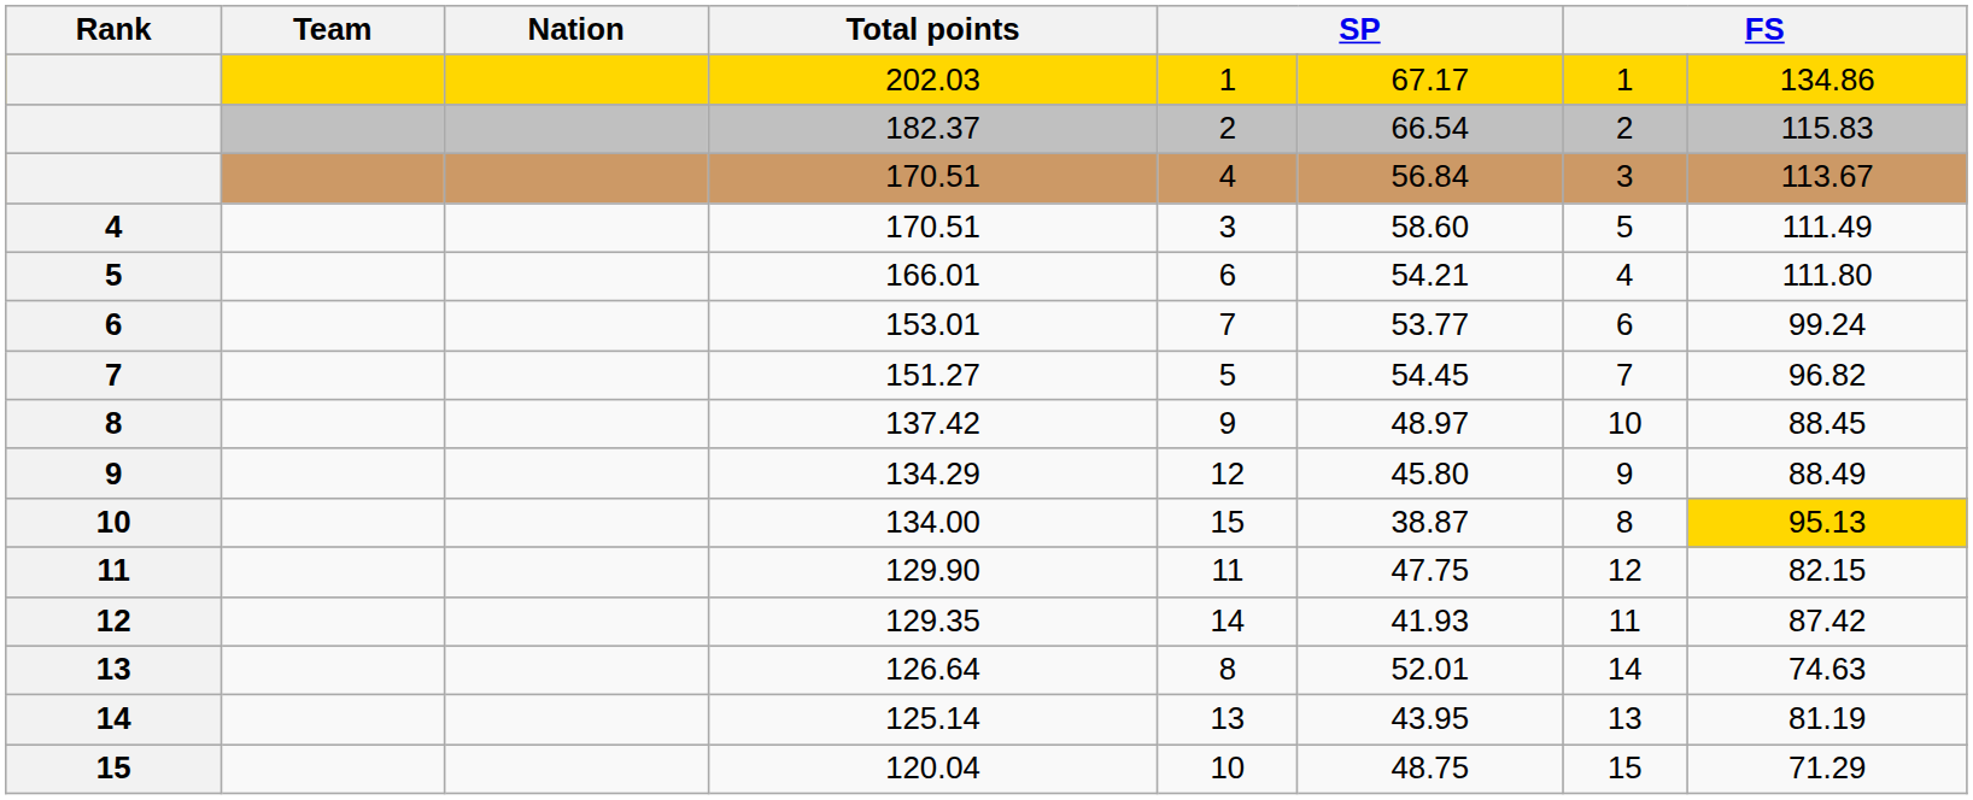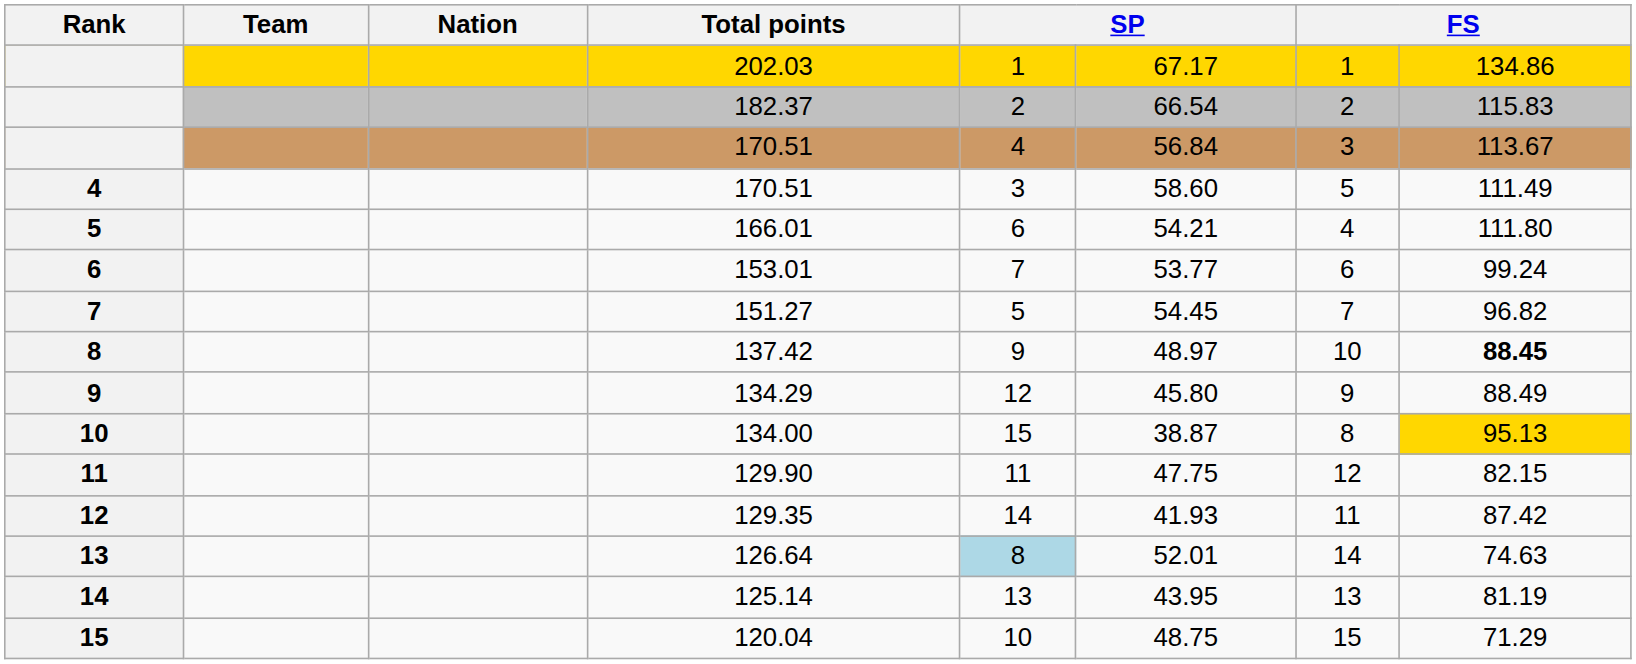 <table class="wikitable sortable" style="text-align:center;" width="80%">
 <tr>
 <th scope="col">Rank</th>
 <th scope="col">Team</th>
 <th scope="col">Nation</th>
 <th scope="col">Total points</th>
 <th scope="col" colspan="2" width="80px"><a href='#'>SP</a></th>
 <th scope="col" colspan="2" width="80px"><a href='#'>FS</a></th>
 </tr>
 <tr bgcolor="gold">
 <th scope="row"></th>
 <td align="left"></td>
 <td align="left"></td>
 <td>202.03</td>
 <td>1</td>
 <td>67.17</td>
 <td>1</td>
 <td>134.86</td>
 </tr>
 <tr bgcolor="silver">
 <th scope="row"></th>
 <td align="left"></td>
 <td align="left"></td>
 <td>182.37</td>
 <td>2</td>
 <td>66.54</td>
 <td>2</td>
 <td>115.83</td>
 </tr>
 <tr bgcolor="cc9966">
 <th scope="row"></th>
 <td align="left"></td>
 <td align="left"></td>
 <td>170.51</td>
 <td>4</td>
 <td>56.84</td>
 <td>3</td>
 <td>113.67</td>
 </tr>
 <tr>
 <th scope="row">4</th>
 <td align="left"></td>
 <td align="left"></td>
 <td>170.51</td>
 <td>3</td>
 <td>58.60</td>
 <td>5</td>
 <td>111.49</td>
 </tr>
 <tr>
 <th scope="row">5</th>
 <td align="left"></td>
 <td align="left"></td>
 <td>166.01</td>
 <td>6</td>
 <td>54.21</td>
 <td>4</td>
 <td>111.80</td>
 </tr>
 <tr>
 <th scope="row">6</th>
 <td align="left"></td>
 <td align="left"></td>
 <td>153.01</td>
 <td>7</td>
 <td>53.77</td>
 <td>6</td>
 <td>99.24</td>
 </tr>
 <tr>
 <th scope="row">7</th>
 <td align="left"></td>
 <td align="left"></td>
 <td>151.27</td>
 <td>5</td>
 <td>54.45</td>
 <td>7</td>
 <td>96.82</td>
 </tr>
 <tr>
 <th scope="row">8</th>
 <td align="left"></td>
 <td align="left"></td>
 <td>137.42</td>
 <td>9</td>
 <td>48.97</td>
 <td>10</td>
-<td>88.45</td>
+<td><strong>88.45</strong></td>
 </tr>
 <tr>
 <th scope="row">9</th>
 <td align="left"></td>
 <td align="left"></td>
 <td>134.29</td>
 <td>12</td>
 <td>45.80</td>
 <td>9</td>
 <td>88.49</td>
 </tr>
 <tr>
 <th scope="row">10</th>
 <td align="left"></td>
 <td align="left"></td>
 <td>134.00</td>
 <td>15</td>
 <td>38.87</td>
 <td>8</td>
 <td style="background: gold;">95.13</td>
 </tr>
 <tr>
 <th scope="row">11</th>
 <td align="left"></td>
 <td align="left"></td>
 <td>129.90</td>
 <td>11</td>
 <td>47.75</td>
 <td>12</td>
 <td>82.15</td>
 </tr>
 <tr>
 <th scope="row">12</th>
 <td align="left"></td>
 <td align="left"></td>
 <td>129.35</td>
 <td>14</td>
 <td>41.93</td>
 <td>11</td>
 <td>87.42</td>
 </tr>
 <tr>
 <th scope="row">13</th>
 <td align="left"></td>
 <td align="left"></td>
 <td>126.64</td>
-<td>8</td>
+<td style="background: lightblue;">8</td>
 <td>52.01</td>
 <td>14</td>
 <td>74.63</td>
 </tr>
 <tr>
 <th scope="row">14</th>
 <td align="left"></td>
 <td align="left"></td>
 <td>125.14</td>
 <td>13</td>
 <td>43.95</td>
 <td>13</td>
 <td>81.19</td>
 </tr>
 <tr>
 <th scope="row">15</th>
 <td align="left"></td>
 <td align="left"></td>
 <td>120.04</td>
 <td>10</td>
 <td>48.75</td>
 <td>15</td>
 <td>71.29</td>
 </tr>
 </table>
